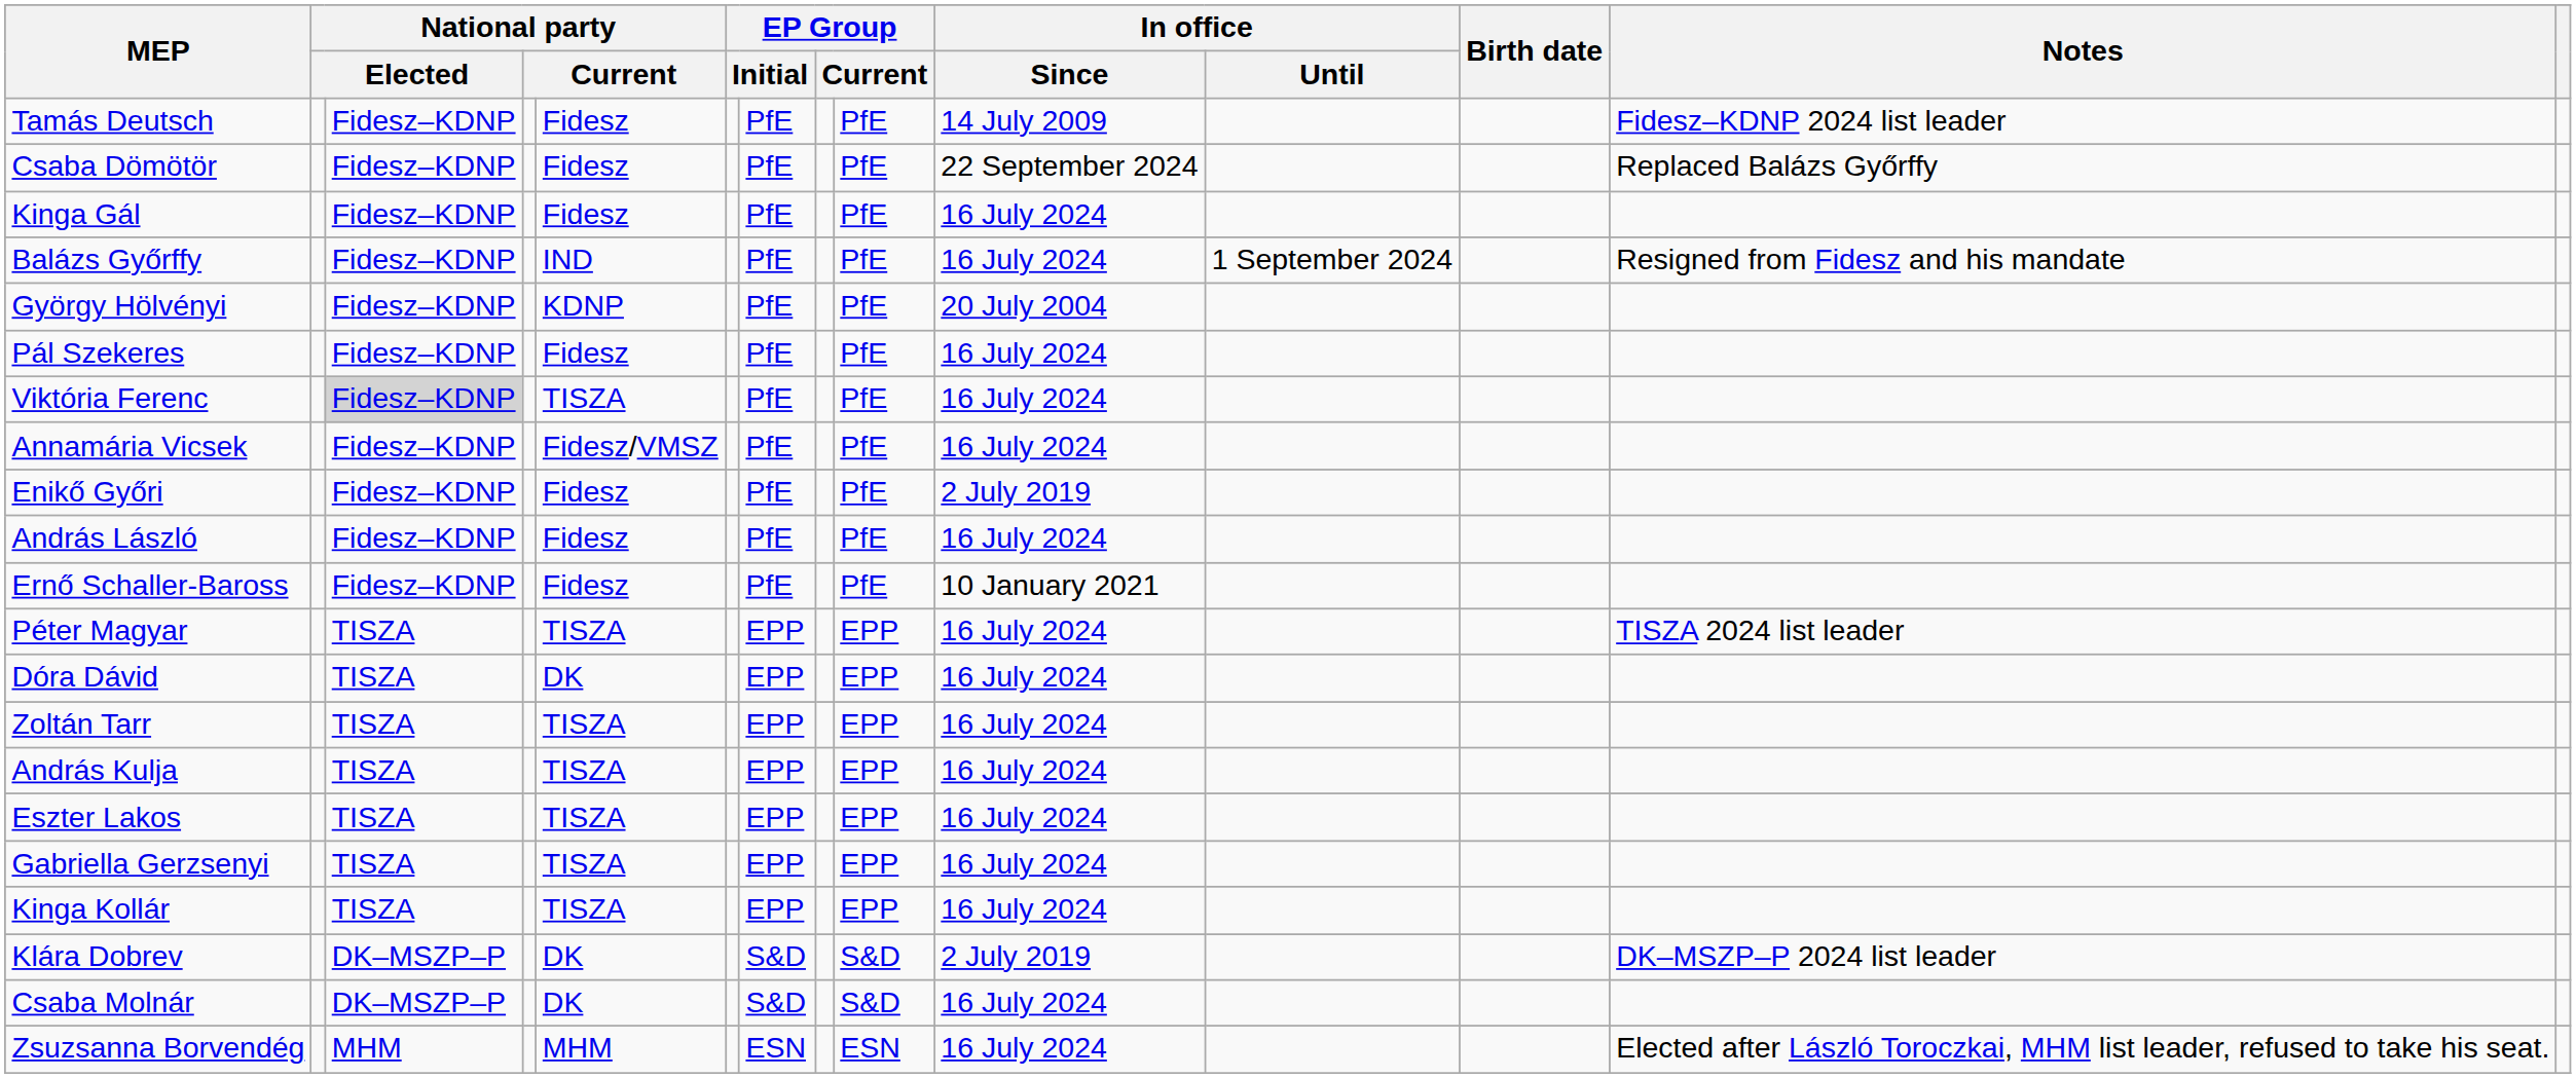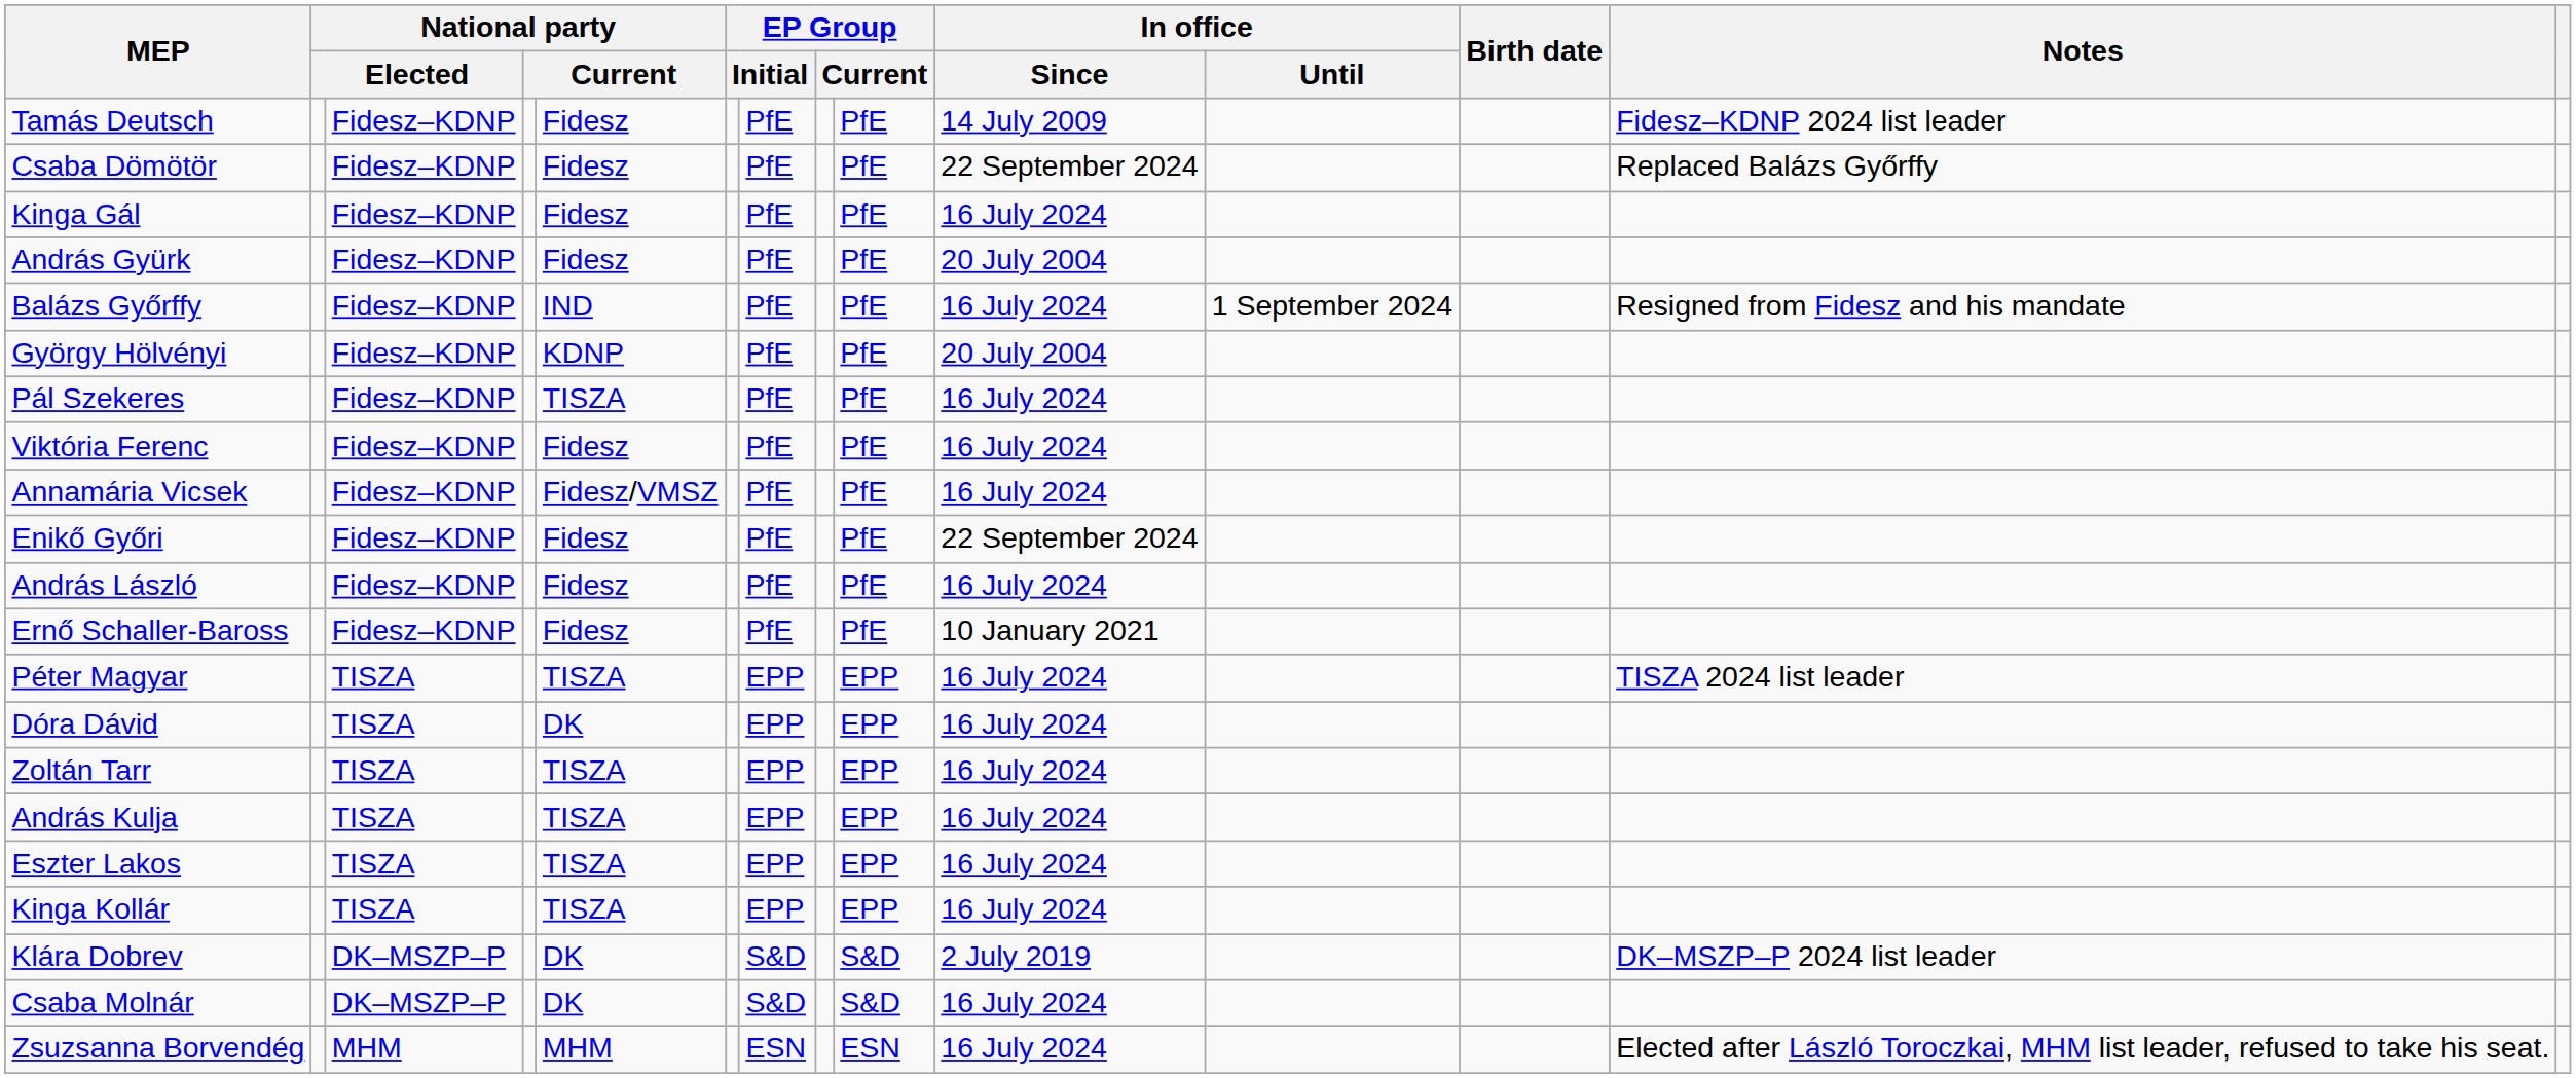 <table class="wikitable sortable" style="text-align:left">
 <tr>
 <th rowspan="2">MEP</th>
 <th colspan="4">National party</th>
 <th colspan="4"><a href='#'>EP Group</a></th>
 <th colspan="2">In office</th>
 <th rowspan="2">Birth date</th>
 <th rowspan="2">Notes</th>
 <th rowspan="2" class="unsortable"></th>
 </tr>
 <tr>
 <th colspan="2">Elected</th>
 <th colspan="2">Current</th>
 <th colspan="2">Initial</th>
 <th colspan="2">Current</th>
 <th>Since</th>
 <th>Until</th>
 </tr>
 <tr>
 <td><a href='#'>Tamás Deutsch</a></td>
 <td style="background: "></td>
 <td><a href='#'>Fidesz–KDNP</a></td>
 <td style="background: "></td>
 <td><a href='#'>Fidesz</a></td>
 <td style="background: "></td>
 <td><a href='#'>PfE</a></td>
 <td style="background: "></td>
 <td><a href='#'>PfE</a></td>
 <td><a href='#'>14 July 2009</a></td>
 <td></td>
 <td></td>
 <td><a href='#'>Fidesz–KDNP</a> 2024 list leader</td>
 <td></td>
 </tr>
 <tr>
 <td><a href='#'>Csaba Dömötör</a></td>
 <td style="background: "></td>
 <td><a href='#'>Fidesz–KDNP</a></td>
 <td style="background: "></td>
 <td><a href='#'>Fidesz</a></td>
 <td style="background: "></td>
 <td><a href='#'>PfE</a></td>
 <td style="background: "></td>
 <td><a href='#'>PfE</a></td>
 <td>22 September 2024</td>
 <td></td>
 <td></td>
 <td>Replaced Balázs Győrffy</td>
 <td></td>
 </tr>
 <tr>
 <td><a href='#'>Kinga Gál</a></td>
 <td style="background: "></td>
 <td><a href='#'>Fidesz–KDNP</a></td>
 <td style="background: "></td>
 <td><a href='#'>Fidesz</a></td>
 <td style="background: "></td>
 <td><a href='#'>PfE</a></td>
 <td style="background: "></td>
 <td><a href='#'>PfE</a></td>
 <td><a href='#'>16 July 2024</a></td>
 <td></td>
 <td></td>
 <td></td>
 <td></td>
 </tr>
 <tr>
+<td><a href='#'>András Gyürk</a></td>
+<td style="background: "></td>
+<td><a href='#'>Fidesz–KDNP</a></td>
+<td style="background: "></td>
+<td><a href='#'>Fidesz</a></td>
+<td style="background: "></td>
+<td><a href='#'>PfE</a></td>
+<td style="background: "></td>
+<td><a href='#'>PfE</a></td>
+<td><a href='#'>20 July 2004</a></td>
+<td></td>
+<td></td>
+<td></td>
+<td></td>
+</tr>
+<tr>
 <td><a href='#'>Balázs Győrffy</a></td>
 <td style="background: "></td>
 <td><a href='#'>Fidesz–KDNP</a></td>
 <td style="background: "></td>
 <td><a href='#'>IND</a></td>
 <td style="background: "></td>
 <td><a href='#'>PfE</a></td>
 <td style="background: "></td>
 <td><a href='#'>PfE</a></td>
 <td><a href='#'>16 July 2024</a></td>
 <td>1 September 2024</td>
 <td></td>
 <td>Resigned from <a href='#'>Fidesz</a> and his mandate</td>
 <td></td>
 </tr>
 <tr>
 <td><a href='#'>György Hölvényi</a></td>
 <td style="background: "></td>
 <td><a href='#'>Fidesz–KDNP</a></td>
 <td style="background: "></td>
 <td><a href='#'>KDNP</a></td>
 <td style="background: "></td>
 <td><a href='#'>PfE</a></td>
 <td style="background: "></td>
 <td><a href='#'>PfE</a></td>
 <td><a href='#'>20 July 2004</a></td>
 <td></td>
 <td></td>
 <td></td>
 <td></td>
 </tr>
 <tr>
 <td><a href='#'>Pál Szekeres</a></td>
 <td style="background: "></td>
 <td><a href='#'>Fidesz–KDNP</a></td>
 <td style="background: "></td>
-<td><a href='#'>Fidesz</a></td>
+<td><a href='#'>TISZA</a></td>
 <td style="background: "></td>
 <td><a href='#'>PfE</a></td>
 <td style="background: "></td>
 <td><a href='#'>PfE</a></td>
 <td><a href='#'>16 July 2024</a></td>
 <td></td>
 <td></td>
 <td></td>
 <td></td>
 </tr>
 <tr>
 <td><a href='#'>Viktória Ferenc</a></td>
 <td style="background: "></td>
-<td style="background: lightgrey;"><a href='#'>Fidesz–KDNP</a></td>
+<td><a href='#'>Fidesz–KDNP</a></td>
 <td style="background: "></td>
-<td><a href='#'>TISZA</a></td>
+<td><a href='#'>Fidesz</a></td>
 <td style="background: "></td>
 <td><a href='#'>PfE</a></td>
 <td style="background: "></td>
 <td><a href='#'>PfE</a></td>
 <td><a href='#'>16 July 2024</a></td>
 <td></td>
 <td></td>
 <td></td>
 <td></td>
 </tr>
 <tr>
 <td><a href='#'>Annamária Vicsek</a></td>
 <td style="background: "></td>
 <td><a href='#'>Fidesz–KDNP</a></td>
 <td style="background: "></td>
 <td><a href='#'>Fidesz</a>/<a href='#'>VMSZ</a></td>
 <td style="background: "></td>
 <td><a href='#'>PfE</a></td>
 <td style="background: "></td>
 <td><a href='#'>PfE</a></td>
 <td><a href='#'>16 July 2024</a></td>
 <td></td>
 <td></td>
 <td></td>
 <td></td>
 </tr>
 <tr>
 <td><a href='#'>Enikő Győri</a></td>
 <td style="background: "></td>
 <td><a href='#'>Fidesz–KDNP</a></td>
 <td style="background: "></td>
 <td><a href='#'>Fidesz</a></td>
 <td style="background: "></td>
 <td><a href='#'>PfE</a></td>
 <td style="background: "></td>
 <td><a href='#'>PfE</a></td>
-<td><a href='#'>2 July 2019</a></td>
+<td>22 September 2024</td>
 <td></td>
 <td></td>
 <td></td>
 <td></td>
 </tr>
 <tr>
 <td><a href='#'>András László</a></td>
 <td style="background: "></td>
 <td><a href='#'>Fidesz–KDNP</a></td>
 <td style="background: "></td>
 <td><a href='#'>Fidesz</a></td>
 <td style="background: "></td>
 <td><a href='#'>PfE</a></td>
 <td style="background: "></td>
 <td><a href='#'>PfE</a></td>
 <td><a href='#'>16 July 2024</a></td>
 <td></td>
 <td></td>
 <td></td>
 <td></td>
 </tr>
 <tr>
 <td><a href='#'>Ernő Schaller-Baross</a></td>
 <td style="background: "></td>
 <td><a href='#'>Fidesz–KDNP</a></td>
 <td style="background: "></td>
 <td><a href='#'>Fidesz</a></td>
 <td style="background: "></td>
 <td><a href='#'>PfE</a></td>
 <td style="background: "></td>
 <td><a href='#'>PfE</a></td>
 <td>10 January 2021</td>
 <td></td>
 <td></td>
 <td></td>
 <td></td>
 </tr>
 <tr>
 <td><a href='#'>Péter Magyar</a></td>
 <td style="background: "></td>
 <td><a href='#'>TISZA</a></td>
 <td style="background: "></td>
 <td><a href='#'>TISZA</a></td>
 <td style="background: "></td>
 <td><a href='#'>EPP</a></td>
 <td style="background: "></td>
 <td><a href='#'>EPP</a></td>
 <td><a href='#'>16 July 2024</a></td>
 <td></td>
 <td></td>
 <td><a href='#'>TISZA</a> 2024 list leader</td>
 <td></td>
 </tr>
 <tr>
 <td><a href='#'>Dóra Dávid</a></td>
 <td style="background: "></td>
 <td><a href='#'>TISZA</a></td>
 <td style="background: "></td>
 <td><a href='#'>DK</a></td>
 <td style="background: "></td>
 <td><a href='#'>EPP</a></td>
 <td style="background: "></td>
 <td><a href='#'>EPP</a></td>
 <td><a href='#'>16 July 2024</a></td>
 <td></td>
 <td></td>
 <td></td>
 <td></td>
 </tr>
 <tr>
 <td><a href='#'>Zoltán Tarr</a></td>
 <td style="background: "></td>
 <td><a href='#'>TISZA</a></td>
 <td style="background: "></td>
 <td><a href='#'>TISZA</a></td>
 <td style="background: "></td>
 <td><a href='#'>EPP</a></td>
 <td style="background: "></td>
 <td><a href='#'>EPP</a></td>
 <td><a href='#'>16 July 2024</a></td>
 <td></td>
 <td></td>
 <td></td>
 <td></td>
 </tr>
 <tr>
 <td><a href='#'>András Kulja</a></td>
 <td style="background: "></td>
 <td><a href='#'>TISZA</a></td>
 <td style="background: "></td>
 <td><a href='#'>TISZA</a></td>
 <td style="background: "></td>
 <td><a href='#'>EPP</a></td>
 <td style="background: "></td>
 <td><a href='#'>EPP</a></td>
 <td><a href='#'>16 July 2024</a></td>
 <td></td>
 <td></td>
 <td></td>
 <td></td>
 </tr>
 <tr>
 <td><a href='#'>Eszter Lakos</a></td>
 <td style="background: "></td>
 <td><a href='#'>TISZA</a></td>
 <td style="background: "></td>
 <td><a href='#'>TISZA</a></td>
 <td style="background: "></td>
 <td><a href='#'>EPP</a></td>
 <td style="background: "></td>
 <td><a href='#'>EPP</a></td>
 <td><a href='#'>16 July 2024</a></td>
 <td></td>
 <td></td>
 <td></td>
 <td></td>
 </tr>
 <tr>
-<td><a href='#'>Gabriella Gerzsenyi</a></td>
-<td style="background: "></td>
-<td><a href='#'>TISZA</a></td>
-<td style="background: "></td>
-<td><a href='#'>TISZA</a></td>
-<td style="background: "></td>
-<td><a href='#'>EPP</a></td>
-<td style="background: "></td>
-<td><a href='#'>EPP</a></td>
-<td><a href='#'>16 July 2024</a></td>
-<td></td>
-<td></td>
-<td></td>
-<td></td>
-</tr>
-<tr>
 <td><a href='#'>Kinga Kollár</a></td>
 <td style="background: "></td>
 <td><a href='#'>TISZA</a></td>
 <td style="background: "></td>
 <td><a href='#'>TISZA</a></td>
 <td style="background: "></td>
 <td><a href='#'>EPP</a></td>
 <td style="background: "></td>
 <td><a href='#'>EPP</a></td>
 <td><a href='#'>16 July 2024</a></td>
 <td></td>
 <td></td>
 <td></td>
 <td></td>
 </tr>
 <tr>
 <td><a href='#'>Klára Dobrev</a></td>
 <td style="background: "></td>
 <td><a href='#'>DK–MSZP–P</a></td>
 <td style="background: "></td>
 <td><a href='#'>DK</a></td>
 <td style="background: "></td>
 <td><a href='#'>S&D</a></td>
 <td style="background: "></td>
 <td><a href='#'>S&D</a></td>
 <td><a href='#'>2 July 2019</a></td>
 <td></td>
 <td></td>
 <td><a href='#'>DK–MSZP–P</a> 2024 list leader</td>
 <td></td>
 </tr>
 <tr>
 <td><a href='#'>Csaba Molnár</a></td>
 <td style="background: "></td>
 <td><a href='#'>DK–MSZP–P</a></td>
 <td style="background: "></td>
 <td><a href='#'>DK</a></td>
 <td style="background: "></td>
 <td><a href='#'>S&D</a></td>
 <td style="background: "></td>
 <td><a href='#'>S&D</a></td>
 <td><a href='#'>16 July 2024</a></td>
 <td></td>
 <td></td>
 <td></td>
 <td></td>
 </tr>
 <tr>
 <td><a href='#'>Zsuzsanna Borvendég</a></td>
 <td style="background: "></td>
 <td><a href='#'>MHM</a></td>
 <td style="background: "></td>
 <td><a href='#'>MHM</a></td>
 <td style="background: "></td>
 <td><a href='#'>ESN</a></td>
 <td style="background: "></td>
 <td><a href='#'>ESN</a></td>
 <td><a href='#'>16 July 2024</a></td>
 <td></td>
 <td></td>
 <td>Elected after <a href='#'>László Toroczkai</a>, <a href='#'>MHM</a> list leader, refused to take his seat.</td>
 <td></td>
 </tr>
 <tr>
 </tr>
 </table>
